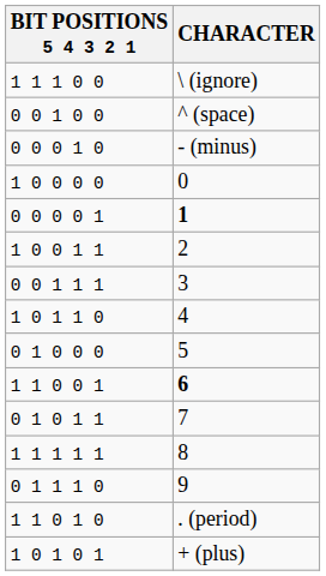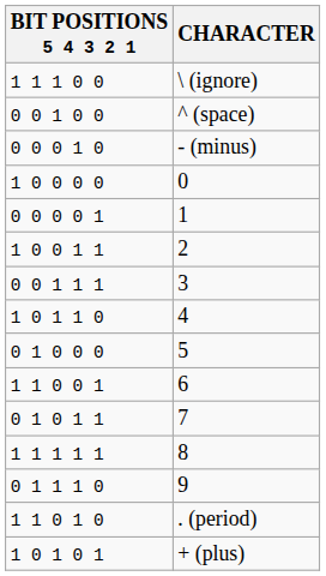 <table class="wikitable">
 <tr>
 <th>BIT POSITIONS<br><code>5 4 3 2 1</code></th>
 <th>CHARACTER</th>
 </tr>
 <tr>
 <td><code>1 1 1 0 0</code></td>
 <td>\ (ignore)</td>
 </tr>
 <tr>
 <td><code>0 0 1 0 0</code></td>
 <td>^ (space)</td>
 </tr>
 <tr>
 <td><code>0 0 0 1 0</code></td>
 <td>- (minus)</td>
 </tr>
 <tr>
 <td><code>1 0 0 0 0</code></td>
 <td>0</td>
 </tr>
 <tr>
 <td><code>0 0 0 0 1</code></td>
-<td><strong>1</strong></td>
+<td>1</td>
 </tr>
 <tr>
 <td><code>1 0 0 1 1</code></td>
 <td>2</td>
 </tr>
 <tr>
 <td><code>0 0 1 1 1</code></td>
 <td>3</td>
 </tr>
 <tr>
 <td><code>1 0 1 1 0</code></td>
 <td>4</td>
 </tr>
 <tr>
 <td><code>0 1 0 0 0</code></td>
 <td>5</td>
 </tr>
 <tr>
 <td><code>1 1 0 0 1</code></td>
-<td><strong>6</strong></td>
+<td>6</td>
 </tr>
 <tr>
 <td><code>0 1 0 1 1</code></td>
 <td>7</td>
 </tr>
 <tr>
 <td><code>1 1 1 1 1</code></td>
 <td>8</td>
 </tr>
 <tr>
 <td><code>0 1 1 1 0</code></td>
 <td>9</td>
 </tr>
 <tr>
 <td><code>1 1 0 1 0</code></td>
 <td>. (period)</td>
 </tr>
 <tr>
 <td><code>1 0 1 0 1</code></td>
 <td>+ (plus)</td>
 </tr>
 </table>
